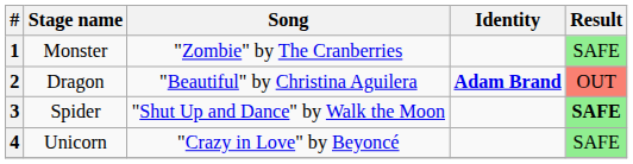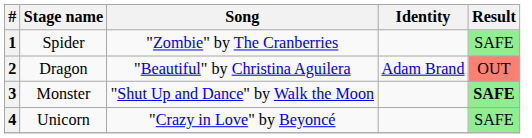 <table class="wikitable plainrowheaders" style="text-align: center;">
 <tr>
 <th>#</th>
 <th>Stage name</th>
 <th>Song</th>
 <th>Identity</th>
 <th>Result</th>
 </tr>
 <tr>
 <th>1</th>
-<td>Monster</td>
+<td>Spider</td>
 <td>"<a href='#'>Zombie</a>" by <a href='#'>The Cranberries</a></td>
 <td></td>
 <td bgcolor=lightgreen>SAFE</td>
 </tr>
 <tr>
 <th>2</th>
 <td>Dragon</td>
 <td>"<a href='#'>Beautiful</a>" by <a href='#'>Christina Aguilera</a></td>
-<td><strong><a href='#'>Adam Brand</a></strong></td>
+<td><a href='#'>Adam Brand</a></td>
 <td bgcolor=salmon>OUT</td>
 </tr>
 <tr>
 <th>3</th>
-<td>Spider</td>
+<td>Monster</td>
 <td>"<a href='#'>Shut Up and Dance</a>" by <a href='#'>Walk the Moon</a></td>
 <td></td>
 <td bgcolor=lightgreen><strong>SAFE</strong></td>
 </tr>
 <tr>
 <th>4</th>
 <td>Unicorn</td>
 <td>"<a href='#'>Crazy in Love</a>" by <a href='#'>Beyoncé</a></td>
 <td></td>
 <td bgcolor=lightgreen>SAFE</td>
 </tr>
 <tr>
 </tr>
 </table>
